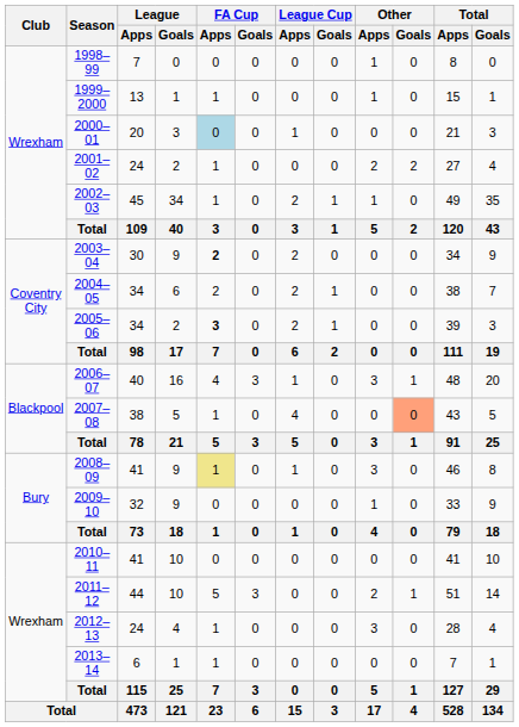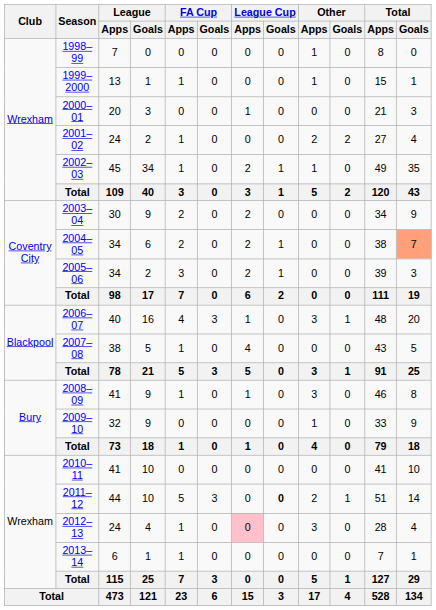 <table class="wikitable" style="text-align:center">
 <tr>
 <th rowspan="2">Club</th>
 <th rowspan="2">Season</th>
 <th colspan="2">League</th>
 <th colspan="2"><a href='#'>FA Cup</a></th>
 <th colspan="2"><a href='#'>League Cup</a></th>
 <th colspan="2">Other</th>
 <th colspan="2">Total</th>
 </tr>
 <tr>
 <th>Apps</th>
 <th>Goals</th>
 <th>Apps</th>
 <th>Goals</th>
 <th>Apps</th>
 <th>Goals</th>
 <th>Apps</th>
 <th>Goals</th>
 <th>Apps</th>
 <th>Goals</th>
 </tr>
 <tr>
 <td rowspan="6"><a href='#'>Wrexham</a></td>
 <td><a href='#'>1998–99</a></td>
 <td>7</td>
 <td>0</td>
 <td>0</td>
 <td>0</td>
 <td>0</td>
 <td>0</td>
 <td>1</td>
 <td>0</td>
 <td>8</td>
 <td>0</td>
 </tr>
 <tr>
 <td><a href='#'>1999–2000</a></td>
 <td>13</td>
 <td>1</td>
 <td>1</td>
 <td>0</td>
 <td>0</td>
 <td>0</td>
 <td>1</td>
 <td>0</td>
 <td>15</td>
 <td>1</td>
 </tr>
 <tr>
 <td><a href='#'>2000–01</a></td>
 <td>20</td>
 <td>3</td>
-<td style="background: lightblue;">0</td>
+<td>0</td>
 <td>0</td>
 <td>1</td>
 <td>0</td>
 <td>0</td>
 <td>0</td>
 <td>21</td>
 <td>3</td>
 </tr>
 <tr>
 <td><a href='#'>2001–02</a></td>
 <td>24</td>
 <td>2</td>
 <td>1</td>
 <td>0</td>
 <td>0</td>
 <td>0</td>
 <td>2</td>
 <td>2</td>
 <td>27</td>
 <td>4</td>
 </tr>
 <tr>
 <td><a href='#'>2002–03</a></td>
 <td>45</td>
 <td>34</td>
 <td>1</td>
 <td>0</td>
 <td>2</td>
 <td>1</td>
 <td>1</td>
 <td>0</td>
 <td>49</td>
 <td>35</td>
 </tr>
 <tr>
 <th>Total</th>
 <th>109</th>
 <th>40</th>
 <th>3</th>
 <th>0</th>
 <th>3</th>
 <th>1</th>
 <th>5</th>
 <th>2</th>
 <th>120</th>
 <th>43</th>
 </tr>
 <tr>
 <td rowspan="4"><a href='#'>Coventry City</a></td>
 <td><a href='#'>2003–04</a></td>
 <td>30</td>
 <td>9</td>
-<td><strong>2</strong></td>
+<td>2</td>
 <td>0</td>
 <td>2</td>
 <td>0</td>
 <td>0</td>
 <td>0</td>
 <td>34</td>
 <td>9</td>
 </tr>
 <tr>
 <td><a href='#'>2004–05</a></td>
 <td>34</td>
 <td>6</td>
 <td>2</td>
 <td>0</td>
 <td>2</td>
 <td>1</td>
 <td>0</td>
 <td>0</td>
 <td>38</td>
-<td>7</td>
+<td style="background: lightsalmon;">7</td>
 </tr>
 <tr>
 <td><a href='#'>2005–06</a></td>
 <td>34</td>
 <td>2</td>
-<td><strong>3</strong></td>
+<td>3</td>
 <td>0</td>
 <td>2</td>
 <td>1</td>
 <td>0</td>
 <td>0</td>
 <td>39</td>
 <td>3</td>
 </tr>
 <tr>
 <th>Total</th>
 <th>98</th>
 <th>17</th>
 <th>7</th>
 <th>0</th>
 <th>6</th>
 <th>2</th>
 <th>0</th>
 <th>0</th>
 <th>111</th>
 <th>19</th>
 </tr>
 <tr>
 <td rowspan="3"><a href='#'>Blackpool</a></td>
 <td><a href='#'>2006–07</a></td>
 <td>40</td>
 <td>16</td>
 <td>4</td>
 <td>3</td>
 <td>1</td>
 <td>0</td>
 <td>3</td>
 <td>1</td>
 <td>48</td>
 <td>20</td>
 </tr>
 <tr>
 <td><a href='#'>2007–08</a></td>
 <td>38</td>
 <td>5</td>
 <td>1</td>
 <td>0</td>
 <td>4</td>
 <td>0</td>
 <td>0</td>
-<td style="background: lightsalmon;">0</td>
+<td>0</td>
 <td>43</td>
 <td>5</td>
 </tr>
 <tr>
 <th>Total</th>
 <th>78</th>
 <th>21</th>
 <th>5</th>
 <th>3</th>
 <th>5</th>
 <th>0</th>
 <th>3</th>
 <th>1</th>
 <th>91</th>
 <th>25</th>
 </tr>
 <tr>
 <td rowspan="3"><a href='#'>Bury</a></td>
 <td><a href='#'>2008–09</a></td>
 <td>41</td>
 <td>9</td>
-<td style="background: khaki;">1</td>
+<td>1</td>
 <td>0</td>
 <td>1</td>
 <td>0</td>
 <td>3</td>
 <td>0</td>
 <td>46</td>
 <td>8</td>
 </tr>
 <tr>
 <td><a href='#'>2009–10</a></td>
 <td>32</td>
 <td>9</td>
 <td>0</td>
 <td>0</td>
 <td>0</td>
 <td>0</td>
 <td>1</td>
 <td>0</td>
 <td>33</td>
 <td>9</td>
 </tr>
 <tr>
 <th>Total</th>
 <th>73</th>
 <th>18</th>
 <th>1</th>
 <th>0</th>
 <th>1</th>
 <th>0</th>
 <th>4</th>
 <th>0</th>
 <th>79</th>
 <th>18</th>
 </tr>
 <tr>
 <td rowspan="5">Wrexham</td>
 <td><a href='#'>2010–11</a></td>
 <td>41</td>
 <td>10</td>
 <td>0</td>
 <td>0</td>
 <td>0</td>
 <td>0</td>
 <td>0</td>
 <td>0</td>
 <td>41</td>
 <td>10</td>
 </tr>
 <tr>
 <td><a href='#'>2011–12</a></td>
 <td>44</td>
 <td>10</td>
 <td>5</td>
 <td>3</td>
 <td>0</td>
-<td>0</td>
+<td><strong>0</strong></td>
 <td>2</td>
 <td>1</td>
 <td>51</td>
 <td>14</td>
 </tr>
 <tr>
 <td><a href='#'>2012–13</a></td>
 <td>24</td>
 <td>4</td>
 <td>1</td>
 <td>0</td>
-<td>0</td>
+<td style="background: pink;">0</td>
 <td>0</td>
 <td>3</td>
 <td>0</td>
 <td>28</td>
 <td>4</td>
 </tr>
 <tr>
 <td><a href='#'>2013–14</a></td>
 <td>6</td>
 <td>1</td>
 <td>1</td>
 <td>0</td>
 <td>0</td>
 <td>0</td>
 <td>0</td>
 <td>0</td>
 <td>7</td>
 <td>1</td>
 </tr>
 <tr>
 <th>Total</th>
 <th>115</th>
 <th>25</th>
 <th>7</th>
 <th>3</th>
 <th>0</th>
 <th>0</th>
 <th>5</th>
 <th>1</th>
 <th>127</th>
 <th>29</th>
 </tr>
 <tr>
 <th colspan="2">Total</th>
 <th>473</th>
 <th>121</th>
 <th>23</th>
 <th>6</th>
 <th>15</th>
 <th>3</th>
 <th>17</th>
 <th>4</th>
 <th>528</th>
 <th>134</th>
 </tr>
 </table>
